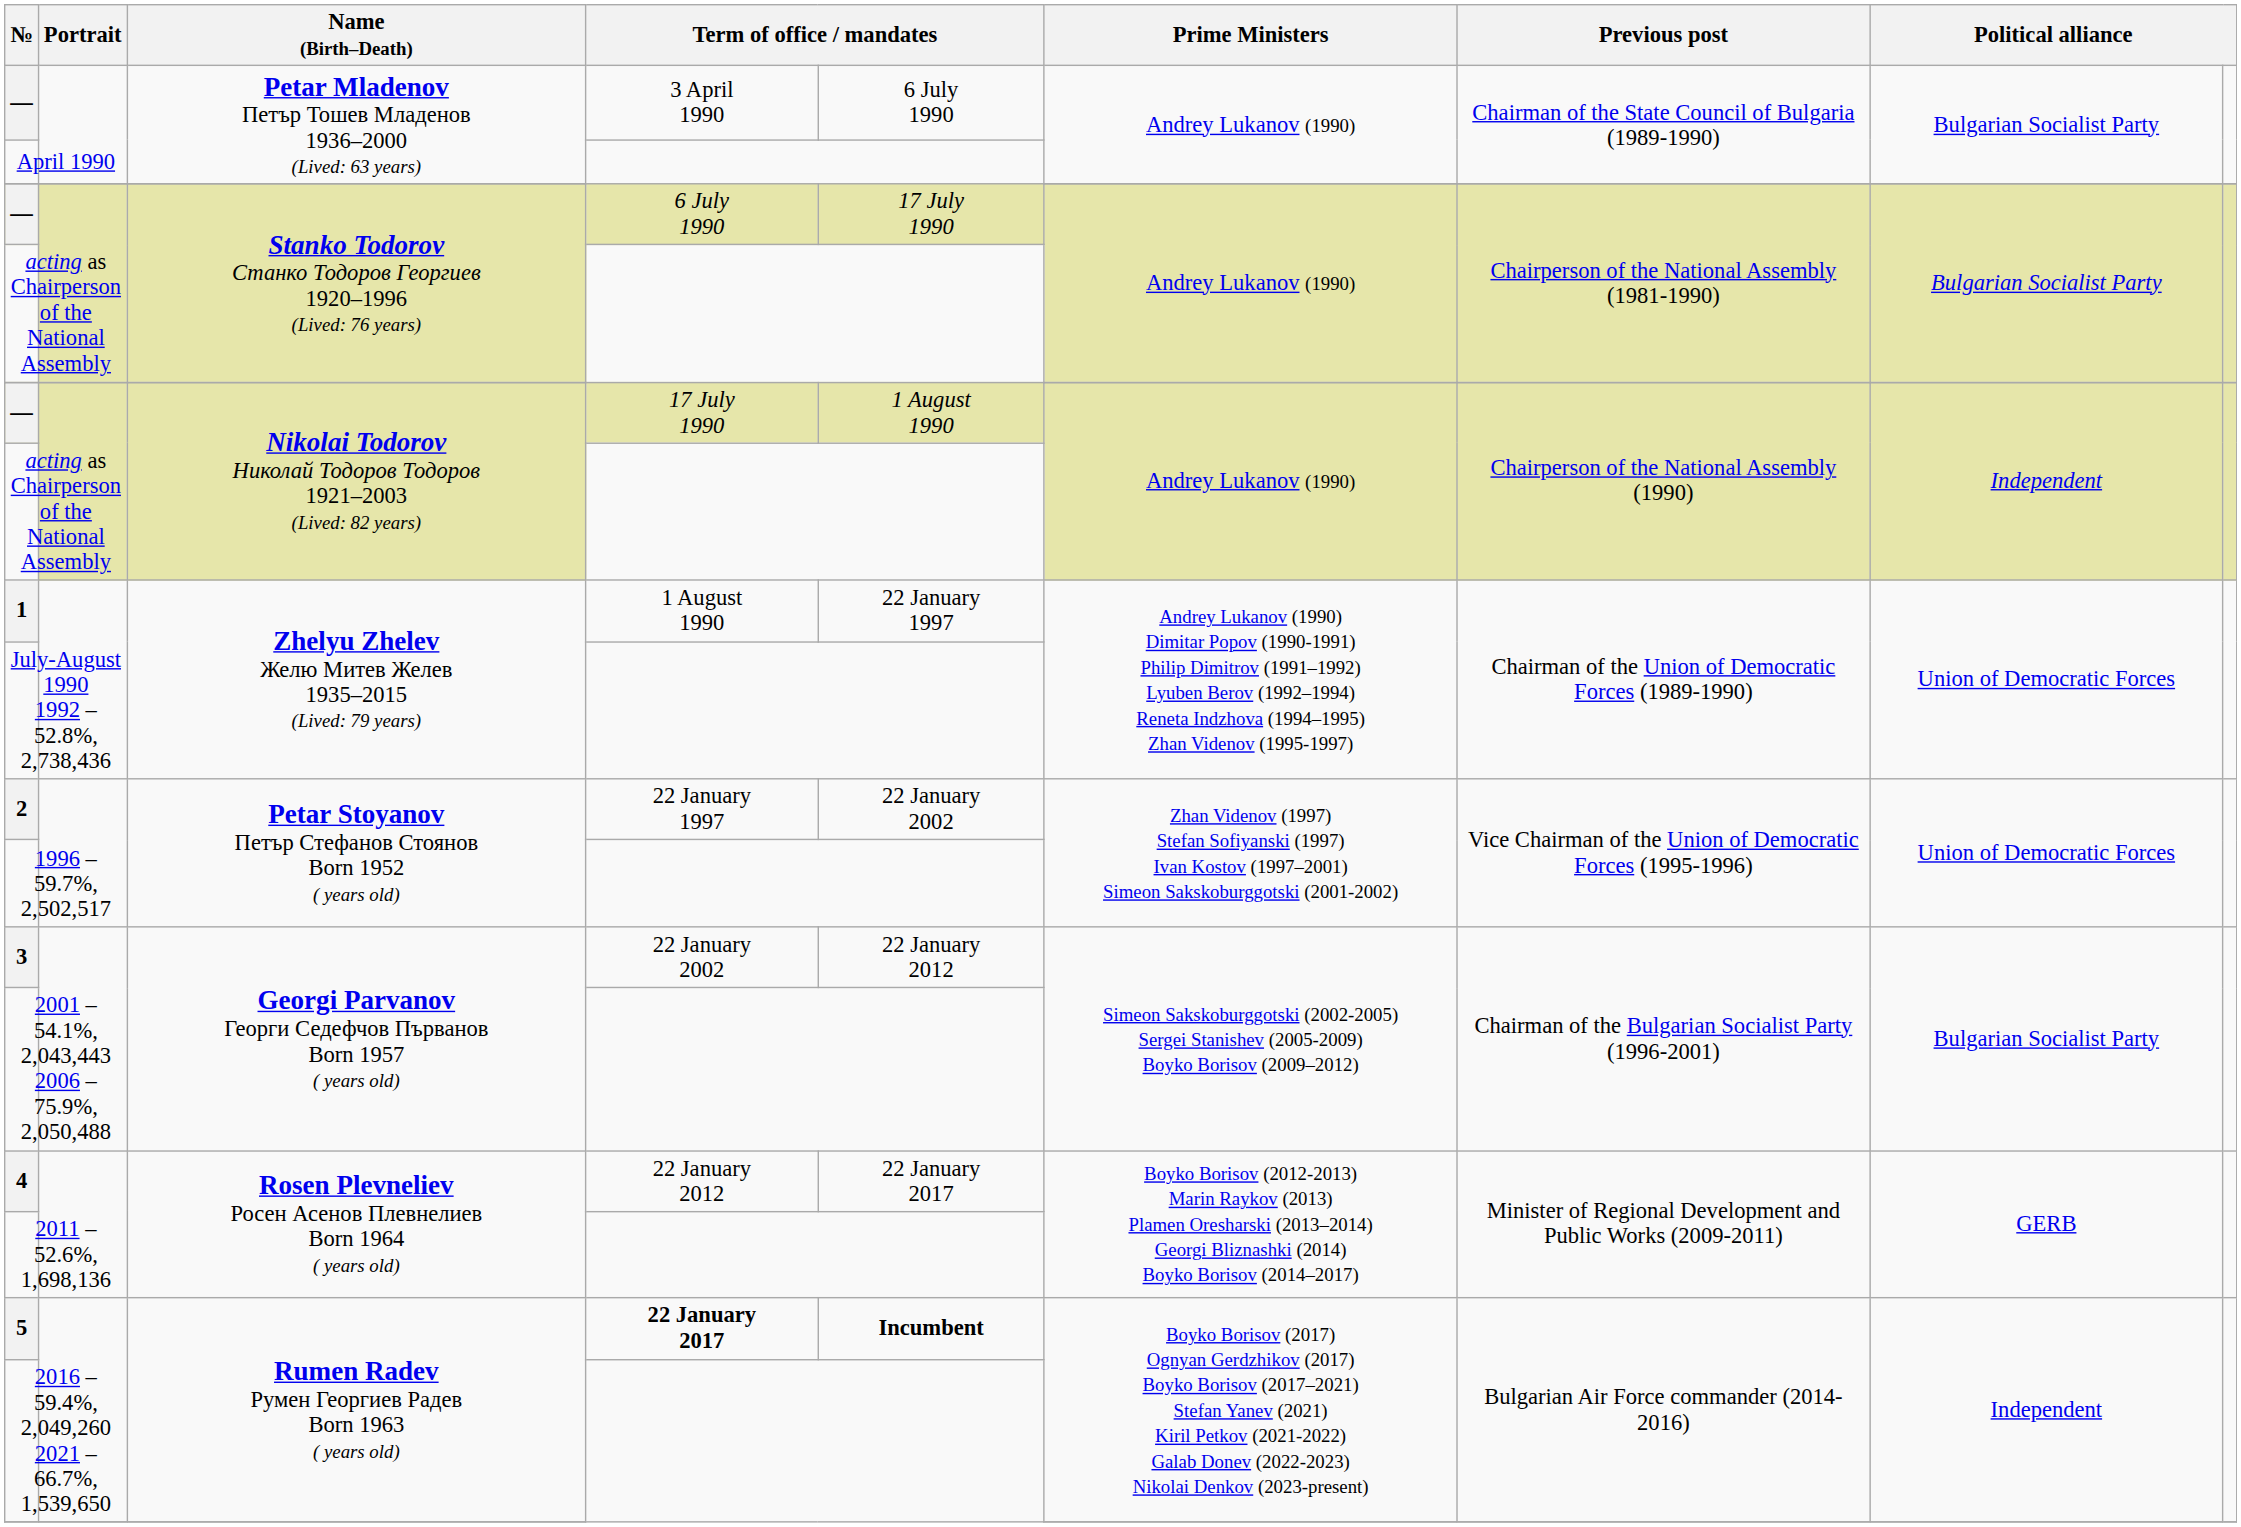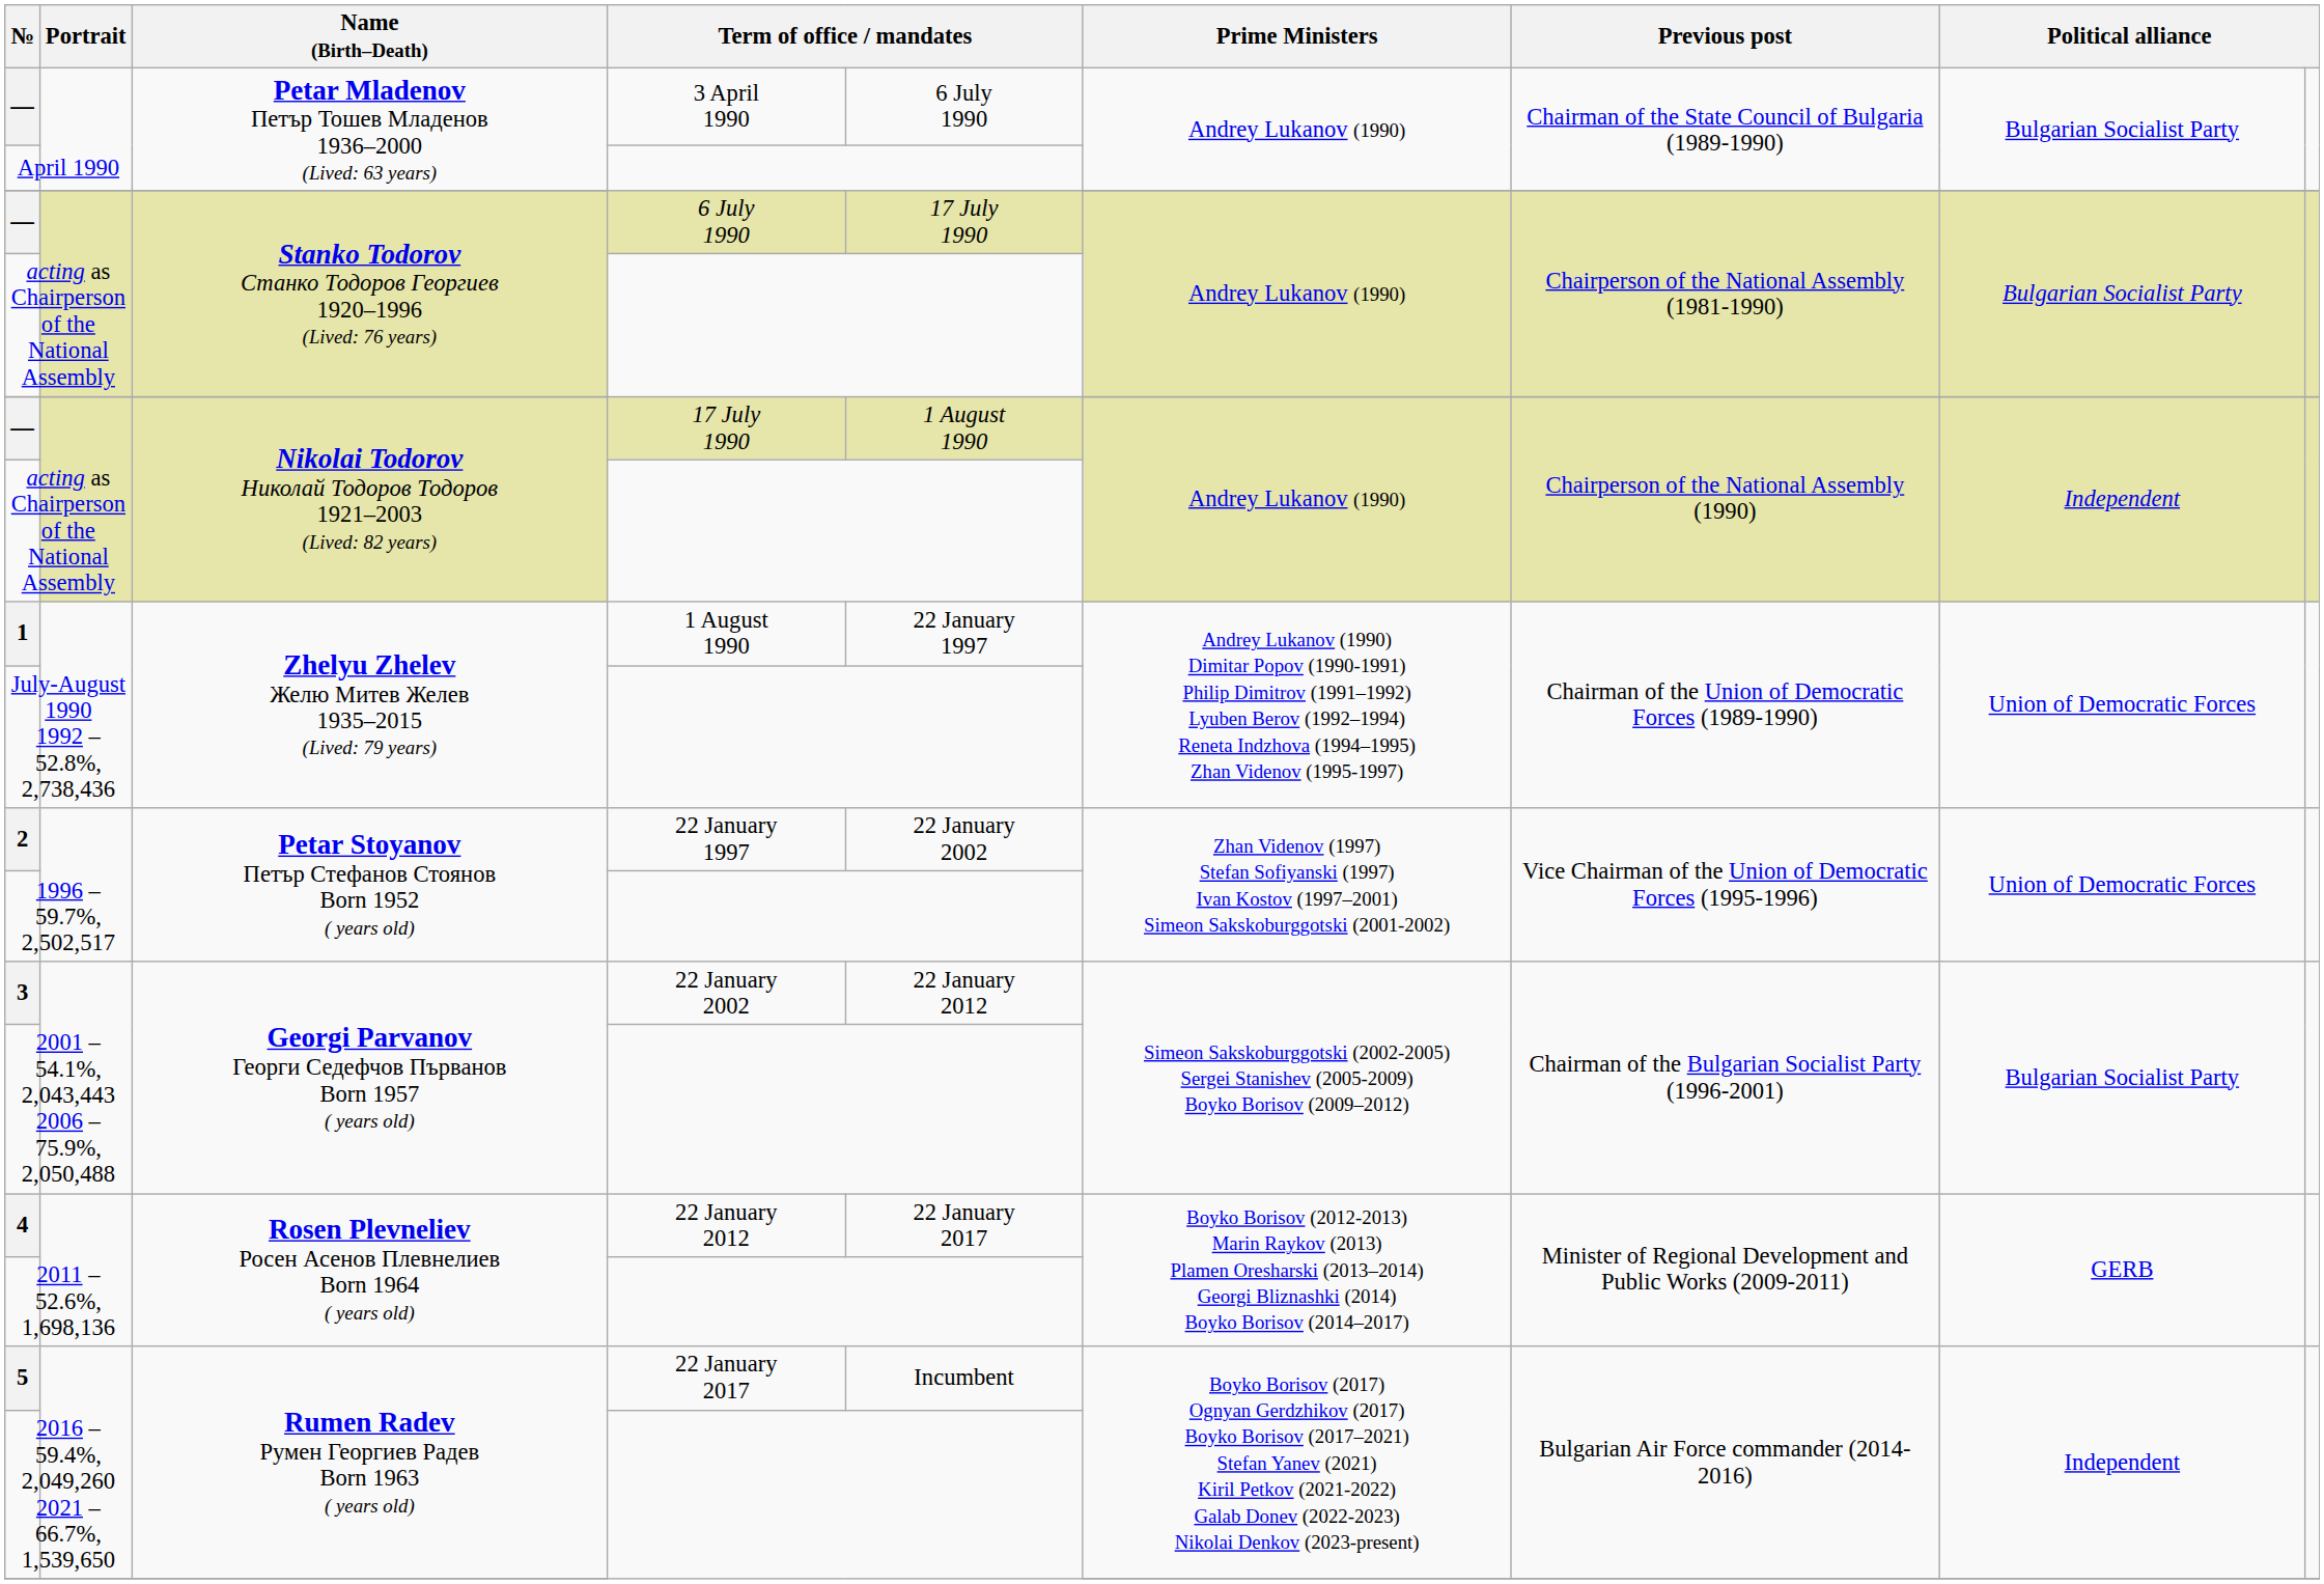 <table class="wikitable" width=100%>
 <tr>
 <th width=1%>№</th>
 <th colspan="1" width=1%>Portrait</th>
 <th width=20%>Name<br><small>(Birth–Death)</small></th>
 <th colspan="2" width=20%>Term of office / mandates</th>
 <th width=18%>Prime Ministers</th>
 <th width=18%>Previous post</th>
 <th colspan=2 width=16%>Political alliance</th>
 </tr>
 <tr>
 <th style="background:">—</th>
 <td rowspan="2"></td>
 <td rowspan="2" align="center"><strong><big><a href='#'>Petar Mladenov</a></big></strong><br><span>Петър Тошев Младенов</span><br>1936–2000<br><small><em>(Lived: 63 years)</em></small></td>
 <td align="center">3 April<br>1990</td>
 <td align="center">6 July<br>1990</td>
 <td rowspan="2" align="center"><a href='#'>Andrey Lukanov</a> <small>(1990)</small></td>
 <td rowspan="2" align="center"><a href='#'>Chairman of the State Council of Bulgaria</a> (1989-1990)</td>
 <td rowspan="2" align="center"><a href='#'>Bulgarian Socialist Party</a></td>
 <td rowspan="2" bgcolor=></td>
 </tr>
 <tr>
 <td colspan="2" align="center"><a href='#'>April 1990</a></td>
 </tr>
 <tr>
 </tr>
 <tr style="background:#e6e6aa;">
 <th style="background:">—</th>
 <td rowspan="2"></td>
 <td rowspan="2" align="center"><strong><big><em><a href='#'>Stanko Todorov</a></em></big></strong><br><span><em>Станко Тодоров Георгиев</em></span><br>1920–1996<br><small><em>(Lived: 76 years)</em></small></td>
 <td align="center"><em>6 July<br>1990</em></td>
 <td align="center"><em>17 July<br>1990</em></td>
 <td rowspan="2" align="center"><a href='#'>Andrey Lukanov</a> <small>(1990)</small></td>
 <td rowspan="2" align="center"><a href='#'>Chairperson of the National Assembly</a> (1981-1990)</td>
 <td rowspan="2" align="center"><em><a href='#'>Bulgarian Socialist Party</a></em></td>
 <td rowspan="2" bgcolor=></td>
 </tr>
 <tr>
 <td colspan="2" align="center"><em><a href='#'>acting</a></em> as<br><a href='#'>Chairperson of the National Assembly</a></td>
 </tr>
 <tr>
 </tr>
 <tr style="background:#e6e6aa;">
 <th style="background:">—</th>
 <td rowspan="2"></td>
 <td rowspan="2" align="center"><strong><big><em><a href='#'>Nikolai Todorov</a></em></big></strong><br><span><em>Николай Тодоров Тодоров</em></span><br>1921–2003<br><small><em>(Lived: 82 years)</em></small></td>
 <td align="center"><em>17 July<br>1990</em></td>
 <td align="center"><em>1 August<br>1990</em></td>
 <td rowspan="2" align="center"><a href='#'>Andrey Lukanov</a> <small>(1990)</small></td>
 <td rowspan="2" align="center"><a href='#'>Chairperson of the National Assembly</a> (1990)</td>
 <td rowspan="2" align="center"><em><a href='#'>Independent</a></em></td>
 <td rowspan="2" bgcolor=></td>
 </tr>
 <tr>
 <td colspan="2" align="center"><em><a href='#'>acting</a></em> as<br><a href='#'>Chairperson of the National Assembly</a></td>
 </tr>
 <tr>
 <th style="background:">1</th>
 <td rowspan="2"></td>
 <td rowspan="2" align="center"><strong><big><a href='#'>Zhelyu Zhelev</a></big></strong><br><span>Желю Митев Желев</span><br>1935–2015<br><small><em>(Lived: 79 years)</em></small></td>
 <td align="center">1 August<br>1990</td>
 <td align="center">22 January<br>1997</td>
 <td rowspan="2" align="center"><small><a href='#'>Andrey Lukanov</a> (1990)<br><a href='#'>Dimitar Popov</a> (1990-1991)<br><a href='#'>Philip Dimitrov</a> (1991–1992)<br><a href='#'>Lyuben Berov</a> (1992–1994)<br><a href='#'>Reneta Indzhova</a> (1994–1995)<br><a href='#'>Zhan Videnov</a> (1995-1997)</small></td>
 <td rowspan="2" align="center">Chairman of the <a href='#'>Union of Democratic Forces</a> (1989-1990)</td>
 <td rowspan="2" align="center"><a href='#'>Union of Democratic Forces</a></td>
 <td rowspan="2" bgcolor=></td>
 </tr>
 <tr>
 <td colspan="2" align="center"><a href='#'>July-August 1990</a><br><a href='#'>1992</a> – 52.8%, 2,738,436</td>
 </tr>
 <tr>
 <th style="background:">2</th>
 <td rowspan="2"></td>
 <td rowspan="2" align="center"><strong><big><a href='#'>Petar Stoyanov</a></big></strong><br><span>Петър Стефанов Стоянов<br>Born 1952<br><small><em>( years old)</em></small><br></span></td>
 <td align="center">22 January<br>1997</td>
 <td align="center">22 January<br>2002</td>
 <td rowspan="2" align="center"><small><a href='#'>Zhan Videnov</a> (1997)<br><a href='#'>Stefan Sofiyanski</a> (1997)<br><a href='#'>Ivan Kostov</a> (1997–2001)<br><a href='#'>Simeon Sakskoburggotski</a> (2001-2002)</small></td>
 <td rowspan="2" align="center">Vice Chairman of the <a href='#'>Union of Democratic Forces</a> (1995-1996)</td>
 <td rowspan="2" align="center"><a href='#'>Union of Democratic Forces</a></td>
 <td rowspan="2" bgcolor=></td>
 </tr>
 <tr>
 <td colspan="2" align="center"><a href='#'>1996</a> – 59.7%, 2,502,517</td>
 </tr>
 <tr>
 <th style="background:">3</th>
 <td rowspan="2"></td>
 <td rowspan="2" align="center"><strong><big><a href='#'>Georgi Parvanov</a></big></strong><br><span>Георги Седефчов Първанов<br>Born 1957<br><small><em>( years old)</em></small><br></span></td>
 <td align="center">22 January<br>2002</td>
 <td align="center">22 January<br>2012</td>
 <td rowspan="2" align="center"><small><a href='#'>Simeon Sakskoburggotski</a> (2002-2005)<br><a href='#'>Sergei Stanishev</a> (2005-2009)<br><a href='#'>Boyko Borisov</a> (2009–2012)</small></td>
 <td rowspan="2" align="center">Chairman of the <a href='#'>Bulgarian Socialist Party</a> (1996-2001)</td>
 <td rowspan="2" align="center"><a href='#'>Bulgarian Socialist Party</a></td>
 <td rowspan="2" bgcolor=></td>
 </tr>
 <tr>
 <td colspan="2" rowspan="1" align="center"><a href='#'>2001</a> – 54.1%, 2,043,443<br><a href='#'>2006</a> – 75.9%, 2,050,488</td>
 </tr>
 <tr>
 <th style="background:">4</th>
 <td rowspan="2"></td>
 <td rowspan="2" align="center"><strong><big><a href='#'>Rosen Plevneliev</a></big></strong><br><span>Росен Асенов Плевнелиев<br>Born 1964<br><small><em>( years old)</em></small><br></span></td>
 <td align="center">22 January<br>2012</td>
 <td align="center">22 January<br>2017</td>
 <td rowspan="2" align="center"><small><a href='#'>Boyko Borisov</a> (2012-2013)<br><a href='#'>Marin Raykov</a> (2013)<br><a href='#'>Plamen Oresharski</a> (2013–2014)<br><a href='#'>Georgi Bliznashki</a> (2014)<br><a href='#'>Boyko Borisov</a> (2014–2017)</small></td>
 <td rowspan="2" align="center">Minister of Regional Development and Public Works (2009-2011)</td>
 <td rowspan="2" align="center"><a href='#'>GERB</a></td>
 <td rowspan="2" bgcolor=></td>
 </tr>
 <tr>
 <td colspan="2" rowspan="1" align="center"><a href='#'>2011</a> – 52.6%, 1,698,136</td>
 </tr>
 <tr>
 <th style="background:">5</th>
 <td rowspan="2"></td>
 <td rowspan="2" align="center"><strong><big><a href='#'>Rumen Radev</a></big></strong><br><span>Румен Георгиев Радев<br>Born 1963<br><small><em>( years old)</em></small><br></span></td>
-<td align="center"><strong>22 January<br>2017</strong></td>
-<td align="center"><strong>Incumbent</strong></td>
+<td align="center">22 January<br>2017</td>
+<td align="center">Incumbent</td>
 <td rowspan="2" align="center"><small><a href='#'>Boyko Borisov</a> (2017)<br><a href='#'>Ognyan Gerdzhikov</a> (2017)<br><a href='#'>Boyko Borisov</a> (2017–2021)<br><a href='#'>Stefan Yanev</a> (2021)<br><a href='#'>Kiril Petkov</a> (2021-2022)<br><a href='#'>Galab Donev</a> (2022-2023)<br><a href='#'>Nikolai Denkov</a> (2023-present)</small></td>
 <td rowspan="2" align="center">Bulgarian Air Force commander (2014-2016)</td>
 <td rowspan="2" align="center"><a href='#'>Independent</a></td>
 <td rowspan="2" bgcolor=></td>
 </tr>
 <tr>
 <td colspan="2" rowspan="1" align="center"><a href='#'>2016</a> – 59.4%, 2,049,260<br><a href='#'>2021</a> – 66.7%, 1,539,650</td>
 </tr>
 <tr>
 </tr>
 </table>
